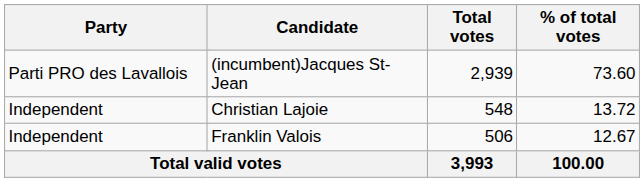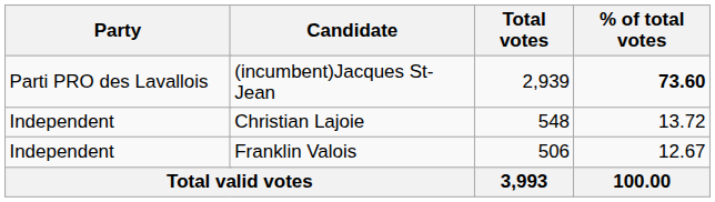 <table style="width:600px;" class="wikitable">
 <tr style="background-color:#E9E9E9">
 <th colspan="2" style="width: 200px">Party</th>
 <th colspan="1" style="width: 200px">Candidate</th>
 <th align="right">Total votes</th>
 <th align="right">% of total votes</th>
 </tr>
 <tr>
 <td colspan="2" align="left">Parti PRO des Lavallois</td>
 <td align="left">(incumbent)Jacques St-Jean</td>
 <td align="right">2,939</td>
-<td align="right">73.60</td>
+<td align="right"><strong>73.60</strong></td>
 </tr>
 <tr>
 <td colspan="2" align="left">Independent</td>
 <td align="left">Christian Lajoie</td>
 <td align="right">548</td>
 <td align="right">13.72</td>
 </tr>
 <tr>
 <td colspan="2" align="left">Independent</td>
 <td align="left">Franklin Valois</td>
 <td align="right">506</td>
 <td align="right">12.67</td>
 </tr>
 <tr bgcolor="#EEEEEE">
 <th colspan="3"  align="left">Total valid votes</th>
 <th align="right">3,993</th>
 <th align="right">100.00</th>
 </tr>
 </table>
